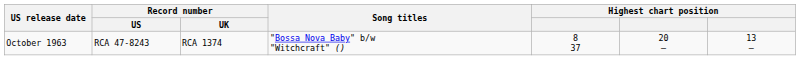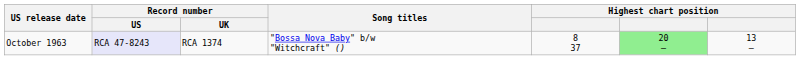 <table class=wikitable>
 <tr>
 <th rowspan=2 width=10%>US release date</th>
 <th colspan=2>Record number</th>
 <th rowspan=2 width=30%>Song titles</th>
 <th colspan=3>Highest chart position</th>
 </tr>
 <tr>
 <th width=10%>US</th>
 <th width=10%>UK</th>
 <th width=10%></th>
 <th width=10%></th>
 <th width=10%></th>
 </tr>
 <tr>
 <td>October 1963</td>
-<td>RCA 47-8243</td>
+<td style="background: lavender;">RCA 47-8243</td>
 <td>RCA 1374</td>
 <td>"<a href='#'>Bossa Nova Baby</a>" b/w<br>"Witchcraft" <em>()</em></td>
 <td align=center>8<br>37</td>
-<td align=center>20<br>—</td>
+<td align=center style="background: lightgreen;">20<br>—</td>
 <td align=center>13<br>—</td>
 </tr>
 </table>
